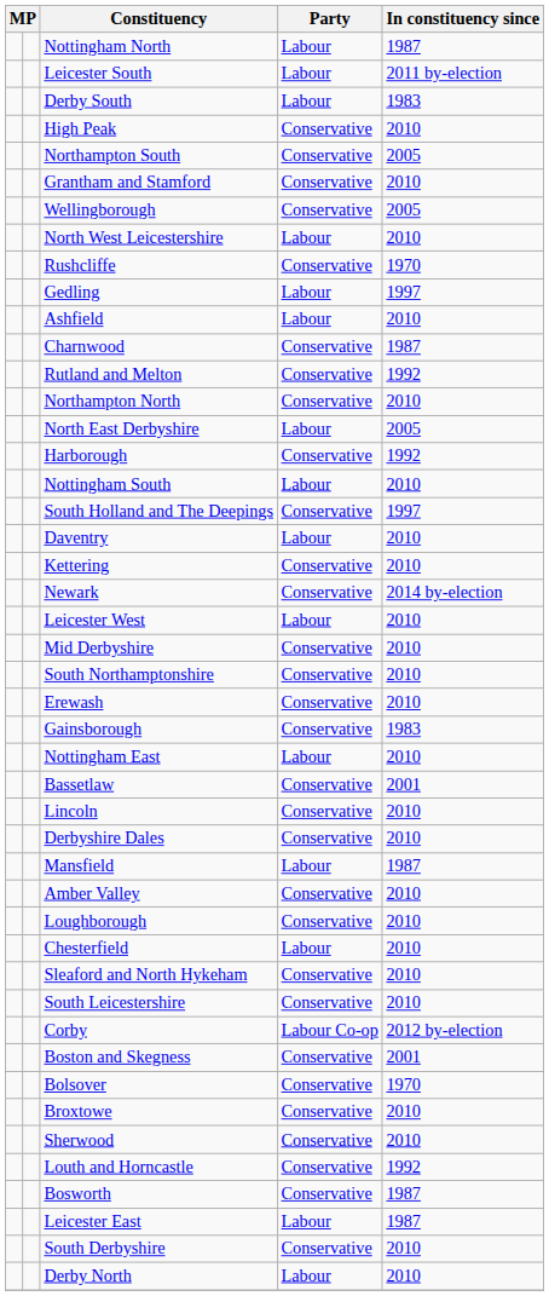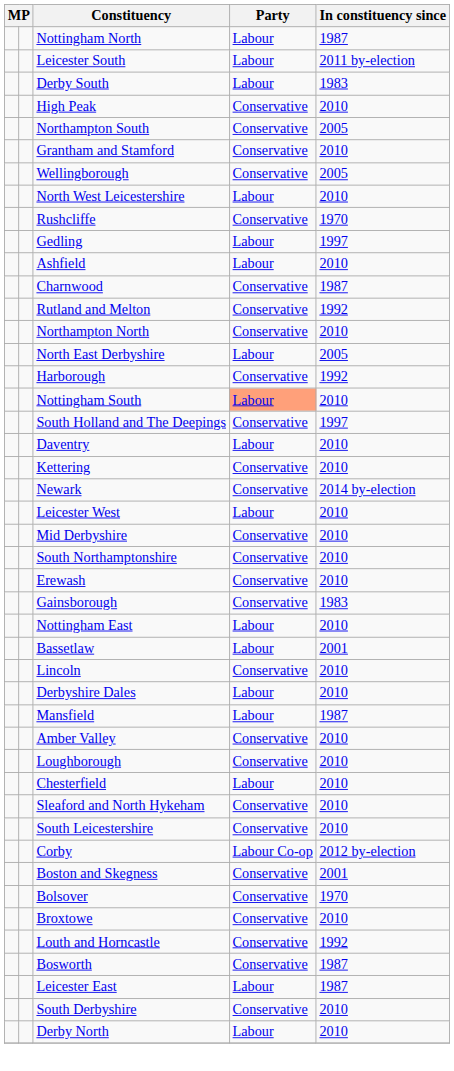 <table class="wikitable sortable">
 <tr>
 <th colspan=2>MP</th>
 <th>Constituency</th>
 <th>Party</th>
 <th>In constituency since</th>
 </tr>
 <tr>
 <td style="color:inherit;background-color: "></td>
 <td></td>
 <td><a href='#'>Nottingham North</a></td>
 <td><a href='#'>Labour</a></td>
 <td><a href='#'>1987</a></td>
 </tr>
 <tr>
 <td style="color:inherit;background-color: "></td>
 <td></td>
 <td><a href='#'>Leicester South</a></td>
 <td><a href='#'>Labour</a></td>
 <td><a href='#'>2011 by-election</a></td>
 </tr>
 <tr>
 <td style="color:inherit;background-color: "></td>
 <td></td>
 <td><a href='#'>Derby South</a></td>
 <td><a href='#'>Labour</a></td>
 <td><a href='#'>1983</a></td>
 </tr>
 <tr>
 <td style="color:inherit;background-color: "></td>
 <td></td>
 <td><a href='#'>High Peak</a></td>
 <td><a href='#'>Conservative</a></td>
 <td><a href='#'>2010</a></td>
 </tr>
 <tr>
 <td style="color:inherit;background-color: "></td>
 <td></td>
 <td><a href='#'>Northampton South</a></td>
 <td><a href='#'>Conservative</a></td>
 <td><a href='#'>2005</a></td>
 </tr>
 <tr>
 <td style="color:inherit;background-color: "></td>
 <td></td>
 <td><a href='#'>Grantham and Stamford</a></td>
 <td><a href='#'>Conservative</a></td>
 <td><a href='#'>2010</a></td>
 </tr>
 <tr>
 <td style="color:inherit;background-color: "></td>
 <td></td>
 <td><a href='#'>Wellingborough</a></td>
 <td><a href='#'>Conservative</a></td>
 <td><a href='#'>2005</a></td>
 </tr>
 <tr>
 <td style="color:inherit;background-color: "></td>
 <td></td>
 <td><a href='#'>North West Leicestershire</a></td>
 <td><a href='#'>Labour</a></td>
 <td><a href='#'>2010</a></td>
 </tr>
 <tr>
 <td style="color:inherit;background-color: "></td>
 <td></td>
 <td><a href='#'>Rushcliffe</a></td>
 <td><a href='#'>Conservative</a></td>
 <td><a href='#'>1970</a></td>
 </tr>
 <tr>
 <td style="color:inherit;background-color: "></td>
 <td></td>
 <td><a href='#'>Gedling</a></td>
 <td><a href='#'>Labour</a></td>
 <td><a href='#'>1997</a></td>
 </tr>
 <tr>
 <td style="color:inherit;background-color: "></td>
 <td></td>
 <td><a href='#'>Ashfield</a></td>
 <td><a href='#'>Labour</a></td>
 <td><a href='#'>2010</a></td>
 </tr>
 <tr>
 <td style="color:inherit;background-color: "></td>
 <td></td>
 <td><a href='#'>Charnwood</a></td>
 <td><a href='#'>Conservative</a></td>
 <td><a href='#'>1987</a></td>
 </tr>
 <tr>
 <td style="color:inherit;background-color: "></td>
 <td></td>
 <td><a href='#'>Rutland and Melton</a></td>
 <td><a href='#'>Conservative</a></td>
 <td><a href='#'>1992</a></td>
 </tr>
 <tr>
 <td style="color:inherit;background-color: "></td>
 <td></td>
 <td><a href='#'>Northampton North</a></td>
 <td><a href='#'>Conservative</a></td>
 <td><a href='#'>2010</a></td>
 </tr>
 <tr>
 <td style="color:inherit;background-color: "></td>
 <td></td>
 <td><a href='#'>North East Derbyshire</a></td>
 <td><a href='#'>Labour</a></td>
 <td><a href='#'>2005</a></td>
 </tr>
 <tr>
 <td style="color:inherit;background-color: "></td>
 <td></td>
 <td><a href='#'>Harborough</a></td>
 <td><a href='#'>Conservative</a></td>
 <td><a href='#'>1992</a></td>
 </tr>
 <tr>
 <td style="color:inherit;background-color: "></td>
 <td></td>
 <td><a href='#'>Nottingham South</a></td>
-<td><a href='#'>Labour</a></td>
+<td style="background: lightsalmon;"><a href='#'>Labour</a></td>
 <td><a href='#'>2010</a></td>
 </tr>
 <tr>
 <td style="color:inherit;background-color: "></td>
 <td></td>
 <td><a href='#'>South Holland and The Deepings</a></td>
 <td><a href='#'>Conservative</a></td>
 <td><a href='#'>1997</a></td>
 </tr>
 <tr>
 <td style="color:inherit;background-color: "></td>
 <td></td>
 <td><a href='#'>Daventry</a></td>
 <td><a href='#'>Labour</a></td>
 <td><a href='#'>2010</a></td>
 </tr>
 <tr>
 <td style="color:inherit;background-color: "></td>
 <td></td>
 <td><a href='#'>Kettering</a></td>
 <td><a href='#'>Conservative</a></td>
 <td><a href='#'>2010</a></td>
 </tr>
 <tr>
 <td style="color:inherit;background-color: "></td>
 <td></td>
 <td><a href='#'>Newark</a></td>
 <td><a href='#'>Conservative</a></td>
 <td><a href='#'>2014 by-election</a></td>
 </tr>
 <tr>
 <td style="color:inherit;background-color: "></td>
 <td></td>
 <td><a href='#'>Leicester West</a></td>
 <td><a href='#'>Labour</a></td>
 <td><a href='#'>2010</a></td>
 </tr>
 <tr>
 <td style="color:inherit;background-color: "></td>
 <td></td>
 <td><a href='#'>Mid Derbyshire</a></td>
 <td><a href='#'>Conservative</a></td>
 <td><a href='#'>2010</a></td>
 </tr>
 <tr>
 <td style="color:inherit;background-color: "></td>
 <td></td>
 <td><a href='#'>South Northamptonshire</a></td>
 <td><a href='#'>Conservative</a></td>
 <td><a href='#'>2010</a></td>
 </tr>
 <tr>
 <td style="color:inherit;background-color: "></td>
 <td></td>
 <td><a href='#'>Erewash</a></td>
 <td><a href='#'>Conservative</a></td>
 <td><a href='#'>2010</a></td>
 </tr>
 <tr>
 <td style="color:inherit;background-color: "></td>
 <td></td>
 <td><a href='#'>Gainsborough</a></td>
 <td><a href='#'>Conservative</a></td>
 <td><a href='#'>1983</a></td>
 </tr>
 <tr>
 <td style="color:inherit;background-color: "></td>
 <td></td>
 <td><a href='#'>Nottingham East</a></td>
 <td><a href='#'>Labour</a></td>
 <td><a href='#'>2010</a></td>
 </tr>
 <tr>
 <td style="color:inherit;background-color: "></td>
 <td></td>
 <td><a href='#'>Bassetlaw</a></td>
-<td><a href='#'>Conservative</a></td>
+<td><a href='#'>Labour</a></td>
 <td><a href='#'>2001</a></td>
 </tr>
 <tr>
 <td style="color:inherit;background-color: "></td>
 <td></td>
 <td><a href='#'>Lincoln</a></td>
 <td><a href='#'>Conservative</a></td>
 <td><a href='#'>2010</a></td>
 </tr>
 <tr>
 <td style="color:inherit;background-color: "></td>
 <td></td>
 <td><a href='#'>Derbyshire Dales</a></td>
-<td><a href='#'>Conservative</a></td>
+<td><a href='#'>Labour</a></td>
 <td><a href='#'>2010</a></td>
 </tr>
 <tr>
 <td style="color:inherit;background-color: "></td>
 <td></td>
 <td><a href='#'>Mansfield</a></td>
 <td><a href='#'>Labour</a></td>
 <td><a href='#'>1987</a></td>
 </tr>
 <tr>
 <td style="color:inherit;background-color: "></td>
 <td></td>
 <td><a href='#'>Amber Valley</a></td>
 <td><a href='#'>Conservative</a></td>
 <td><a href='#'>2010</a></td>
 </tr>
 <tr>
 <td style="color:inherit;background-color: "></td>
 <td></td>
 <td><a href='#'>Loughborough</a></td>
 <td><a href='#'>Conservative</a></td>
 <td><a href='#'>2010</a></td>
 </tr>
 <tr>
 <td style="color:inherit;background-color: "></td>
 <td></td>
 <td><a href='#'>Chesterfield</a></td>
 <td><a href='#'>Labour</a></td>
 <td><a href='#'>2010</a></td>
 </tr>
 <tr>
 <td style="color:inherit;background-color: "></td>
 <td></td>
 <td><a href='#'>Sleaford and North Hykeham</a></td>
 <td><a href='#'>Conservative</a></td>
 <td><a href='#'>2010</a></td>
 </tr>
 <tr>
 <td style="color:inherit;background-color: "></td>
 <td></td>
 <td><a href='#'>South Leicestershire</a></td>
 <td><a href='#'>Conservative</a></td>
 <td><a href='#'>2010</a></td>
 </tr>
 <tr>
 <td style="color:inherit;background-color: "></td>
 <td></td>
 <td><a href='#'>Corby</a></td>
 <td><a href='#'>Labour Co-op</a></td>
 <td><a href='#'>2012 by-election</a></td>
 </tr>
 <tr>
 <td style="color:inherit;background-color: "></td>
 <td></td>
 <td><a href='#'>Boston and Skegness</a></td>
 <td><a href='#'>Conservative</a></td>
 <td><a href='#'>2001</a></td>
 </tr>
 <tr>
 <td style="color:inherit;background-color: "></td>
 <td></td>
 <td><a href='#'>Bolsover</a></td>
 <td><a href='#'>Conservative</a></td>
 <td><a href='#'>1970</a></td>
 </tr>
 <tr>
 <td style="color:inherit;background-color: "></td>
 <td></td>
 <td><a href='#'>Broxtowe</a></td>
 <td><a href='#'>Conservative</a></td>
 <td><a href='#'>2010</a></td>
 </tr>
 <tr>
 <td style="color:inherit;background-color: "></td>
 <td></td>
-<td><a href='#'>Sherwood</a></td>
-<td><a href='#'>Conservative</a></td>
-<td><a href='#'>2010</a></td>
-</tr>
-<tr>
-<td style="color:inherit;background-color: "></td>
-<td></td>
 <td><a href='#'>Louth and Horncastle</a></td>
 <td><a href='#'>Conservative</a></td>
 <td><a href='#'>1992</a></td>
 </tr>
 <tr>
 <td style="color:inherit;background-color: "></td>
 <td></td>
 <td><a href='#'>Bosworth</a></td>
 <td><a href='#'>Conservative</a></td>
 <td><a href='#'>1987</a></td>
 </tr>
 <tr>
 <td style="color:inherit;background-color: "></td>
 <td></td>
 <td><a href='#'>Leicester East</a></td>
 <td><a href='#'>Labour</a></td>
 <td><a href='#'>1987</a></td>
 </tr>
 <tr>
 <td style="color:inherit;background-color: "></td>
 <td></td>
 <td><a href='#'>South Derbyshire</a></td>
 <td><a href='#'>Conservative</a></td>
 <td><a href='#'>2010</a></td>
 </tr>
 <tr>
 <td style="color:inherit;background-color: "></td>
 <td></td>
 <td><a href='#'>Derby North</a></td>
 <td><a href='#'>Labour</a></td>
 <td><a href='#'>2010</a></td>
 </tr>
 <tr>
 </tr>
 </table>
